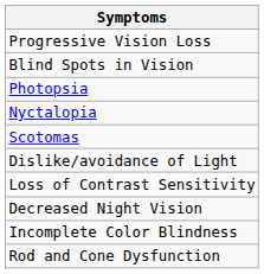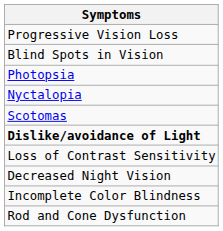 <table class="wikitable">
 <tr>
 <th>Symptoms</th>
 </tr>
 <tr>
 <td>Progressive Vision Loss</td>
 </tr>
 <tr>
 <td>Blind Spots in Vision</td>
 </tr>
 <tr>
 <td><a href='#'>Photopsia</a></td>
 </tr>
 <tr>
 <td><a href='#'>Nyctalopia</a></td>
 </tr>
 <tr>
 <td><a href='#'>Scotomas</a></td>
 </tr>
 <tr>
-<td>Dislike/avoidance of Light</td>
+<td><strong>Dislike/avoidance of Light</strong></td>
 </tr>
 <tr>
 <td>Loss of Contrast Sensitivity</td>
 </tr>
 <tr>
 <td>Decreased Night Vision</td>
 </tr>
 <tr>
 <td>Incomplete Color Blindness</td>
 </tr>
 <tr>
 <td>Rod and Cone Dysfunction</td>
 </tr>
 </table>
